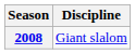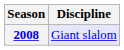 <table class="wikitable">
 <tr>
 <th>Season</th>
 <th>Discipline</th>
 </tr>
 <tr align=center>
 <th><a href='#'>2008</a></th>
-<td><a href='#'>Giant slalom</a></td>
+<td style="background: lavender;"><a href='#'>Giant slalom</a></td>
 </tr>
 </table>
